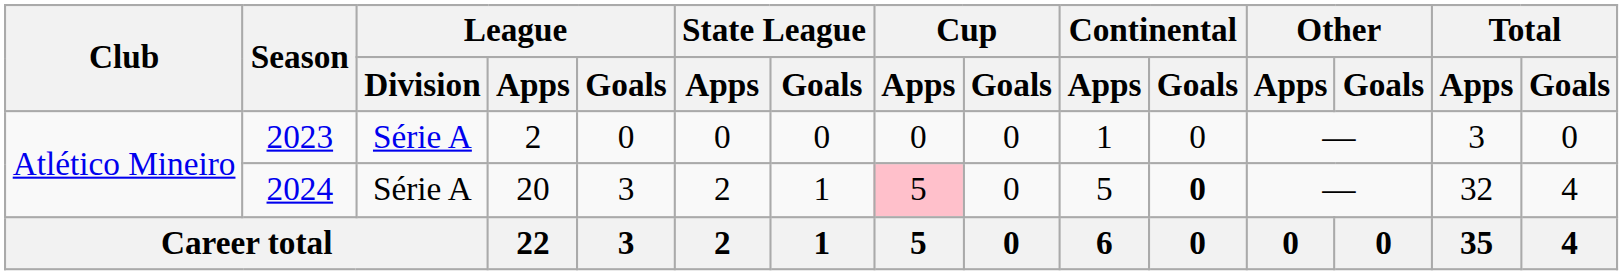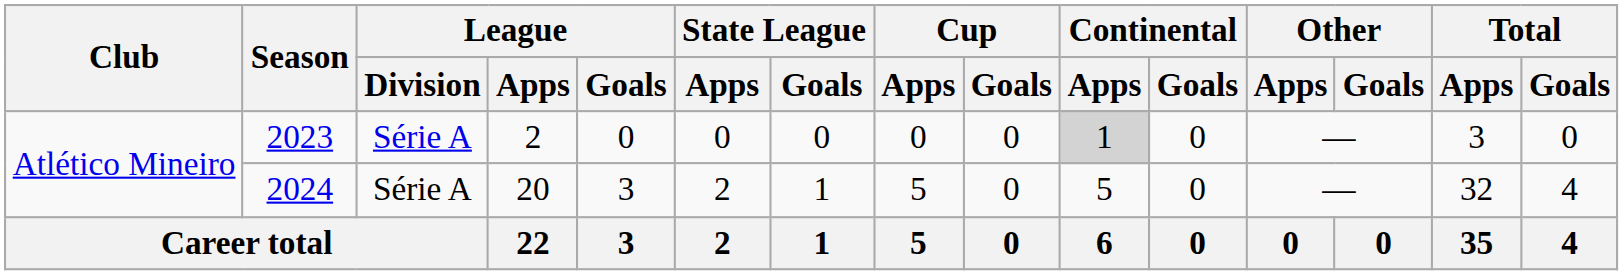 <table class="wikitable" style="text-align: center;">
 <tr>
 <th rowspan="2">Club</th>
 <th rowspan="2">Season</th>
 <th colspan="3">League</th>
 <th colspan="2">State League</th>
 <th colspan="2">Cup</th>
 <th colspan="2">Continental</th>
 <th colspan="2">Other</th>
 <th colspan="2">Total</th>
 </tr>
 <tr>
 <th>Division</th>
 <th>Apps</th>
 <th>Goals</th>
 <th>Apps</th>
 <th>Goals</th>
 <th>Apps</th>
 <th>Goals</th>
 <th>Apps</th>
 <th>Goals</th>
 <th>Apps</th>
 <th>Goals</th>
 <th>Apps</th>
 <th>Goals</th>
 </tr>
 <tr>
 <td valign="center" rowspan=2><a href='#'>Atlético Mineiro</a></td>
 <td><a href='#'>2023</a></td>
 <td><a href='#'>Série A</a></td>
 <td>2</td>
 <td>0</td>
 <td>0</td>
 <td>0</td>
 <td>0</td>
 <td>0</td>
-<td>1</td>
+<td style="background: lightgrey;">1</td>
 <td>0</td>
 <td colspan="2">—</td>
 <td>3</td>
 <td>0</td>
 </tr>
 <tr>
 <td><a href='#'>2024</a></td>
 <td Campeonato Brasileiro Série A>Série A</td>
 <td>20</td>
 <td>3</td>
 <td>2</td>
 <td>1</td>
-<td style="background: pink;">5</td>
+<td>5</td>
 <td>0</td>
 <td>5</td>
-<td><strong>0</strong></td>
+<td>0</td>
 <td colspan="2">—</td>
 <td>32</td>
 <td>4</td>
 </tr>
 <tr>
 <th colspan="3"><strong>Career total</strong></th>
 <th>22</th>
 <th>3</th>
 <th>2</th>
 <th>1</th>
 <th>5</th>
 <th>0</th>
 <th>6</th>
 <th>0</th>
 <th>0</th>
 <th>0</th>
 <th>35</th>
 <th>4</th>
 </tr>
 </table>
